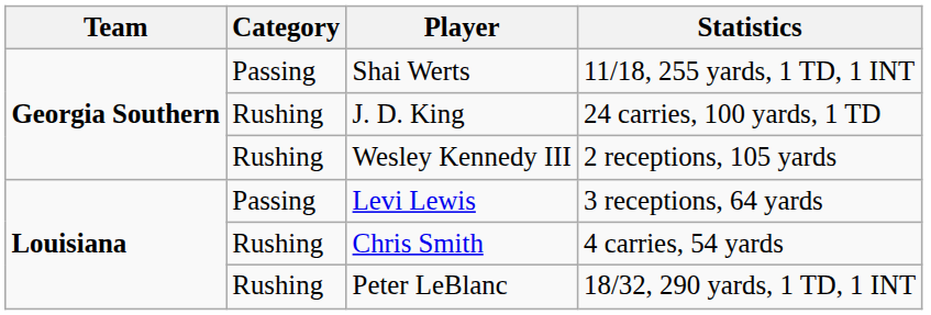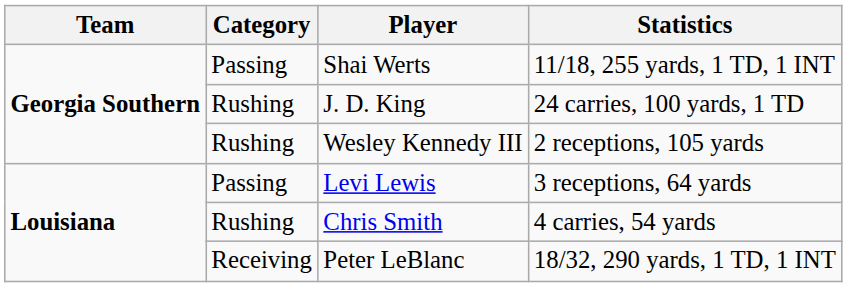 <table class="wikitable" style="float: left;">
 <tr>
 <th>Team</th>
 <th>Category</th>
 <th>Player</th>
 <th>Statistics</th>
 </tr>
 <tr>
 <td rowspan=3><strong>Georgia Southern</strong></td>
 <td>Passing</td>
 <td>Shai Werts</td>
 <td>11/18, 255 yards, 1 TD, 1 INT</td>
 </tr>
 <tr>
 <td>Rushing</td>
 <td>J. D. King</td>
 <td>24 carries, 100 yards, 1 TD</td>
 </tr>
 <tr>
 <td>Rushing</td>
 <td>Wesley Kennedy III</td>
 <td>2 receptions, 105 yards</td>
 </tr>
 <tr>
 <td rowspan=3><strong>Louisiana</strong></td>
 <td>Passing</td>
 <td><a href='#'>Levi Lewis</a></td>
 <td>3 receptions, 64 yards</td>
 </tr>
 <tr>
 <td>Rushing</td>
 <td><a href='#'>Chris Smith</a></td>
 <td>4 carries, 54 yards</td>
 </tr>
 <tr>
-<td>Rushing</td>
+<td>Receiving</td>
 <td>Peter LeBlanc</td>
 <td>18/32, 290 yards, 1 TD, 1 INT</td>
 </tr>
 </table>
